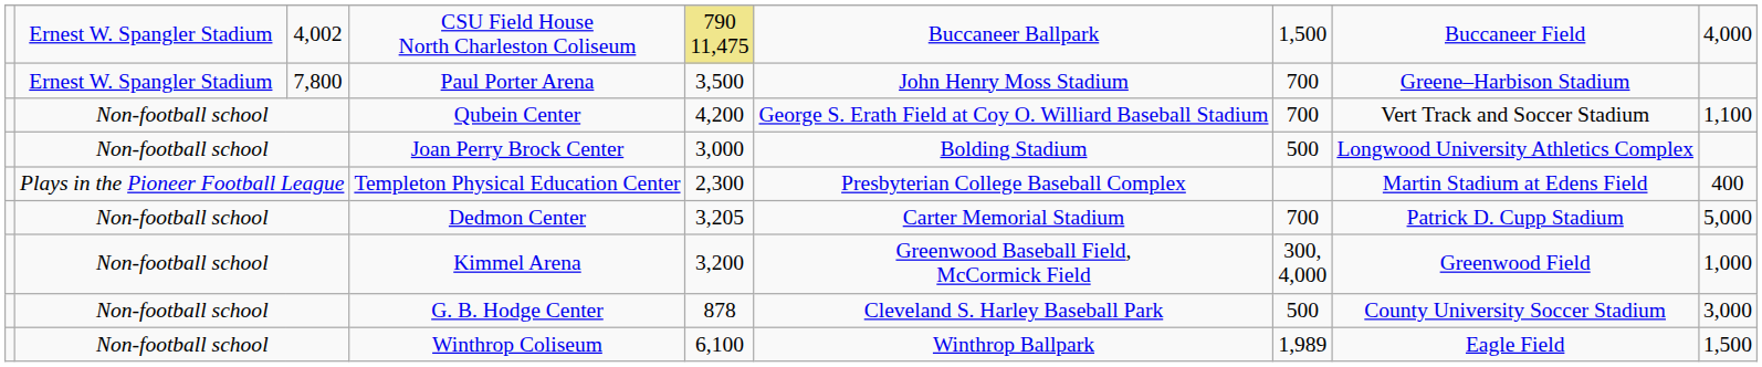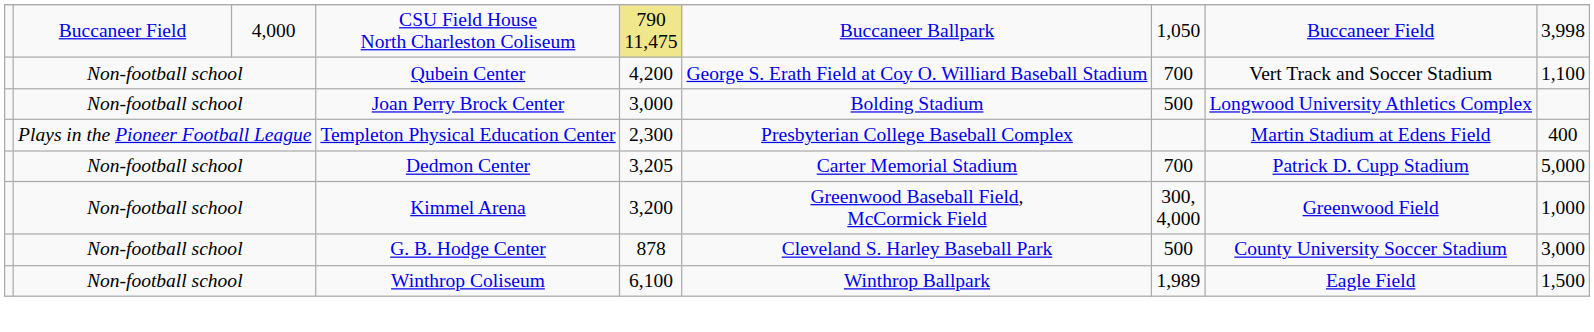 <table class="wikitable sortable" style="text-align: center;">
 <tr>
 </tr>
 <tr>
 <td style="text-align:center; "><a href='#'></a></td>
-<td><a href='#'>Ernest W. Spangler Stadium</a></td>
-<td>4,002</td>
+<td><a href='#'>Buccaneer Field</a></td>
+<td>4,000</td>
 <td><a href='#'>CSU Field House</a><br><a href='#'>North Charleston Coliseum</a></td>
 <td style="background: khaki;">790<br>11,475</td>
 <td><a href='#'>Buccaneer Ballpark</a></td>
-<td>1,500</td>
+<td>1,050</td>
 <td><a href='#'>Buccaneer Field</a></td>
-<td>4,000</td>
-</tr>
-<tr>
-<td style="text-align:center; "><a href='#'></a></td>
-<td><a href='#'>Ernest W. Spangler Stadium</a></td>
-<td>7,800</td>
-<td><a href='#'>Paul Porter Arena</a></td>
-<td>3,500</td>
-<td><a href='#'>John Henry Moss Stadium</a></td>
-<td>700</td>
-<td><a href='#'>Greene–Harbison Stadium</a></td>
-<td></td>
+<td>3,998</td>
 </tr>
 <tr>
 <td style="text-align:center; "><a href='#'></a></td>
 <td colspan=2 align=center><em>Non-football school</em></td>
 <td><a href='#'>Qubein Center</a></td>
 <td>4,200</td>
 <td><a href='#'>George S. Erath Field at Coy O. Williard Baseball Stadium</a></td>
 <td>700</td>
 <td>Vert Track and Soccer Stadium</td>
 <td>1,100</td>
 </tr>
 <tr>
 <td style="text-align:center; "><a href='#'></a></td>
 <td colspan=2 align=center><em>Non-football school</em></td>
 <td><a href='#'>Joan Perry Brock Center</a></td>
 <td>3,000</td>
 <td><a href='#'>Bolding Stadium</a></td>
 <td>500</td>
 <td><a href='#'>Longwood University Athletics Complex</a></td>
 <td></td>
 </tr>
 <tr>
 <td style="text-align:center; "><a href='#'></a></td>
 <td colspan=2 align=center><em>Plays in the <a href='#'>Pioneer Football League</a></em></td>
 <td><a href='#'>Templeton Physical Education Center</a></td>
 <td>2,300</td>
 <td><a href='#'>Presbyterian College Baseball Complex</a></td>
 <td></td>
 <td><a href='#'>Martin Stadium at Edens Field</a></td>
 <td>400</td>
 </tr>
 <tr>
 <td style="text-align:center; "><a href='#'></a></td>
 <td colspan=2 align=center><em>Non-football school</em></td>
 <td><a href='#'>Dedmon Center</a></td>
 <td>3,205</td>
 <td><a href='#'>Carter Memorial Stadium</a></td>
 <td>700</td>
 <td><a href='#'>Patrick D. Cupp Stadium</a></td>
 <td>5,000</td>
 </tr>
 <tr>
 <td style="text-align:center; "><a href='#'></a></td>
 <td colspan=2 align=center><em>Non-football school</em></td>
 <td><a href='#'>Kimmel Arena</a></td>
 <td>3,200</td>
 <td><a href='#'>Greenwood Baseball Field</a>,<br><a href='#'>McCormick Field</a></td>
 <td>300,<br>4,000</td>
 <td><a href='#'>Greenwood Field</a></td>
 <td>1,000</td>
 </tr>
 <tr>
 <td style="text-align:center; "><a href='#'></a></td>
 <td colspan=2 align=center><em>Non-football school</em></td>
 <td><a href='#'>G. B. Hodge Center</a></td>
 <td>878</td>
 <td><a href='#'>Cleveland S. Harley Baseball Park</a></td>
 <td>500</td>
 <td><a href='#'>County University Soccer Stadium</a></td>
 <td>3,000</td>
 </tr>
 <tr>
 <td style="text-align:center; "><a href='#'></a></td>
 <td colspan=2 align=center><em>Non-football school</em></td>
 <td><a href='#'>Winthrop Coliseum</a></td>
 <td>6,100</td>
 <td><a href='#'>Winthrop Ballpark</a></td>
 <td>1,989</td>
 <td><a href='#'>Eagle Field</a></td>
 <td>1,500</td>
 </tr>
 </table>
